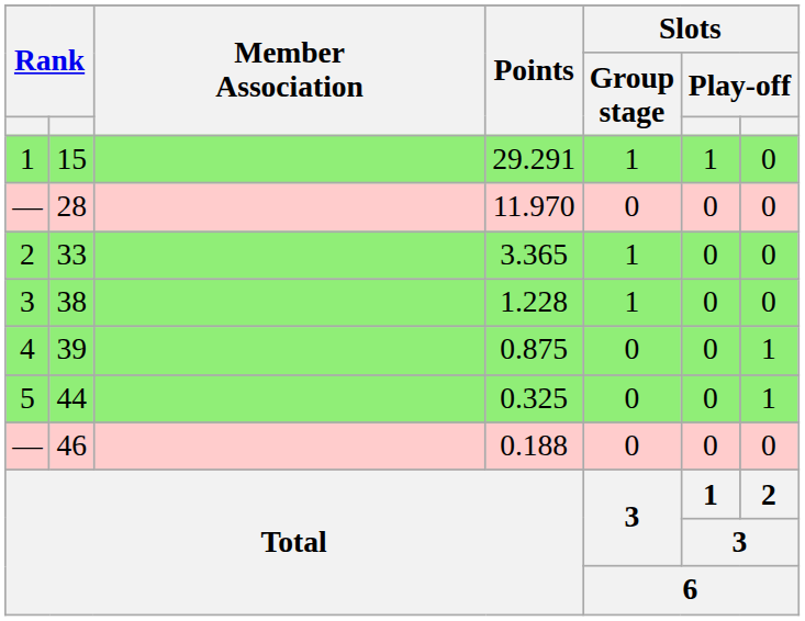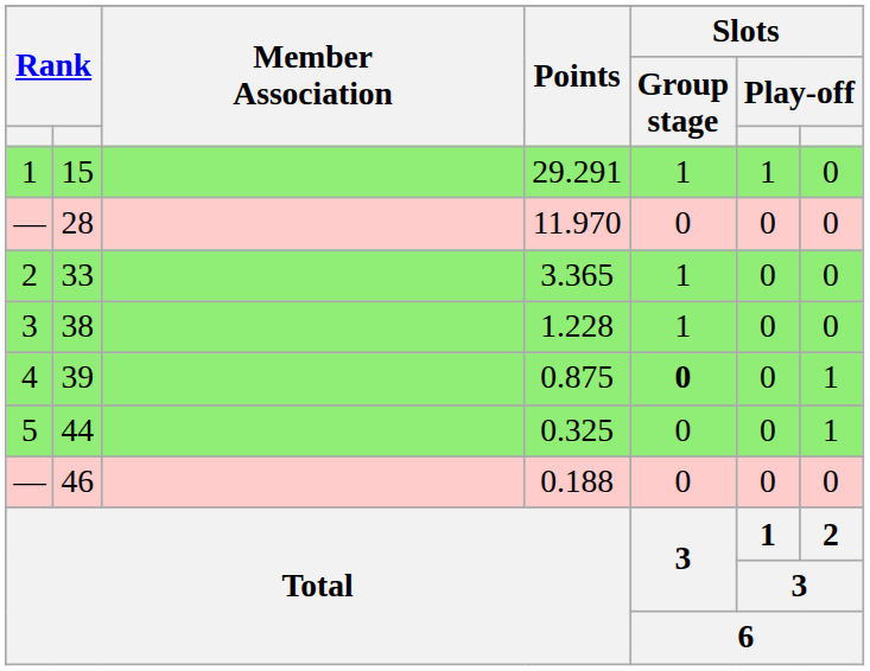 <table class="wikitable" style="text-align:center">
 <tr>
 </tr>
 <tr>
 <th colspan=2 rowspan=2><a href='#'>Rank</a></th>
 <th rowspan=3 width=200>Member<br>Association</th>
 <th rowspan=3>Points</th>
 <th colspan=4>Slots</th>
 </tr>
 <tr>
 <th rowspan=2>Group<br>stage</th>
 <th colspan=2>Play-off</th>
 </tr>
 <tr>
 <th></th>
 <th></th>
 <th></th>
 <th></th>
 </tr>
 <tr bgcolor=#90ee77>
 <td>1</td>
 <td>15</td>
 <td align=left></td>
 <td>29.291</td>
 <td>1</td>
 <td>1</td>
 <td>0</td>
 </tr>
 <tr bgcolor=#ffcccc>
 <td>—</td>
 <td>28</td>
 <td align=left></td>
 <td>11.970</td>
 <td>0</td>
 <td>0</td>
 <td>0</td>
 </tr>
 <tr bgcolor=#90ee77>
 <td>2</td>
 <td>33</td>
 <td align=left></td>
 <td>3.365</td>
 <td>1</td>
 <td>0</td>
 <td>0</td>
 </tr>
 <tr bgcolor=#90ee77>
 <td>3</td>
 <td>38</td>
 <td align=left></td>
 <td>1.228</td>
 <td>1</td>
 <td>0</td>
 <td>0</td>
 </tr>
 <tr bgcolor=#90ee77>
 <td>4</td>
 <td>39</td>
 <td align=left></td>
 <td>0.875</td>
-<td>0</td>
+<td><strong>0</strong></td>
 <td>0</td>
 <td>1</td>
 </tr>
 <tr bgcolor=#90ee77>
 <td>5</td>
 <td>44</td>
 <td align=left></td>
 <td>0.325</td>
 <td>0</td>
 <td>0</td>
 <td>1</td>
 </tr>
 <tr bgcolor=#ffcccc>
 <td>—</td>
 <td>46</td>
 <td align=left></td>
 <td>0.188</td>
 <td>0</td>
 <td>0</td>
 <td>0</td>
 </tr>
 <tr>
 <th colspan=4 rowspan=3>Total</th>
 <th rowspan=2>3</th>
 <th>1</th>
 <th>2</th>
 </tr>
 <tr>
 <th colspan=2>3</th>
 </tr>
 <tr>
 <th colspan=3>6</th>
 </tr>
 </table>
